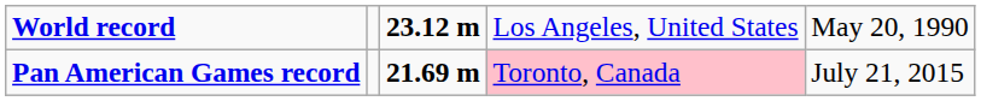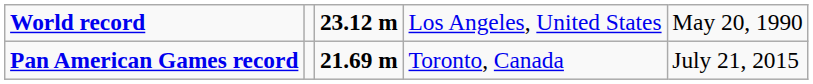 <table class="wikitable">
 <tr>
 <td><strong><a href='#'>World record</a></strong></td>
 <td></td>
 <td><strong>23.12 m</strong></td>
 <td><a href='#'>Los Angeles</a>, <a href='#'>United States</a></td>
 <td>May 20, 1990</td>
 </tr>
 <tr>
 <td><strong><a href='#'>Pan American Games record</a></strong></td>
 <td></td>
 <td><strong>21.69 m</strong></td>
-<td style="background: pink;"><a href='#'>Toronto</a>, <a href='#'>Canada</a></td>
+<td><a href='#'>Toronto</a>, <a href='#'>Canada</a></td>
 <td>July 21, 2015</td>
 </tr>
 </table>
